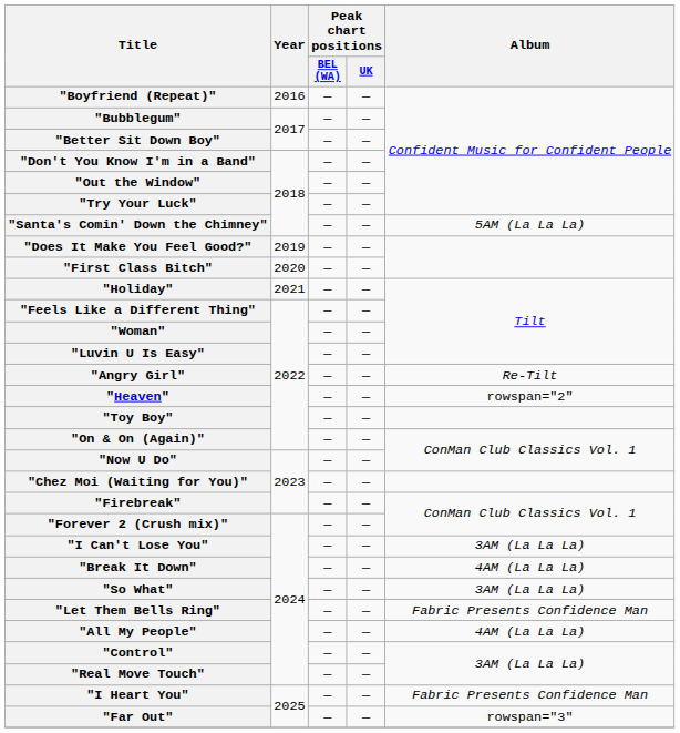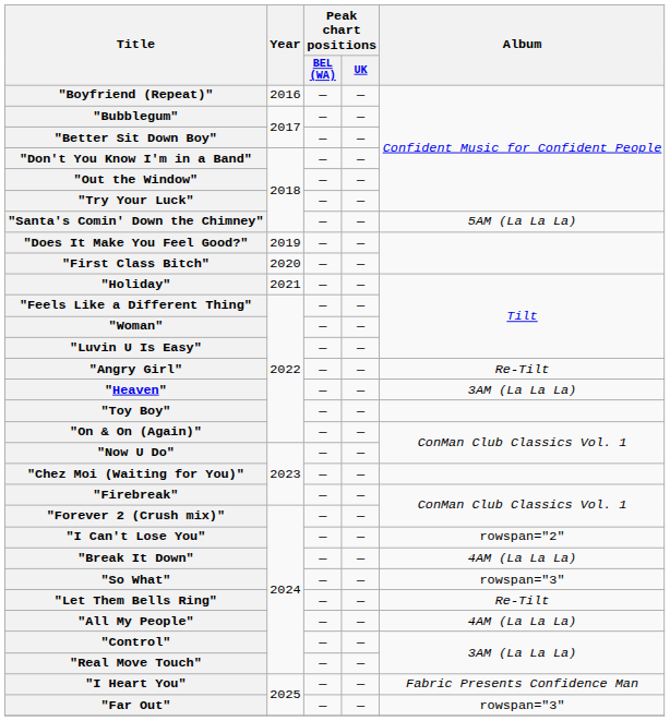 <table class="wikitable plainrowheaders" style="text-align:center;">
 <tr>
 <th scope="col" rowspan="2">Title</th>
 <th scope="col" rowspan="2">Year</th>
 <th scope="col" colspan="2">Peak chart positions</th>
 <th scope="col" rowspan="2">Album</th>
 </tr>
 <tr>
 <th scope="col" style="width:2.5em;font-size:85%;"><a href='#'>BEL<br>(WA)</a><br></th>
 <th scope="col" style="width:2.5em;font-size:85%;"><a href='#'>UK</a><br></th>
 </tr>
 <tr>
 <th scope="row">"Boyfriend (Repeat)"</th>
 <td>2016</td>
 <td>—</td>
 <td>—</td>
 <td rowspan="6"><em><a href='#'>Confident Music for Confident People</a></em></td>
 </tr>
 <tr>
 <th scope="row">"Bubblegum"</th>
 <td rowspan="2">2017</td>
 <td>—</td>
 <td>—</td>
 </tr>
 <tr>
 <th scope="row">"Better Sit Down Boy"</th>
 <td>—</td>
 <td>—</td>
 </tr>
 <tr>
 <th scope="row">"Don't You Know I'm in a Band"</th>
 <td rowspan="4">2018</td>
 <td>—</td>
 <td>—</td>
 </tr>
 <tr>
 <th scope="row">"Out the Window"</th>
 <td>—</td>
 <td>—</td>
 </tr>
 <tr>
 <th scope="row">"Try Your Luck"</th>
 <td>—</td>
 <td>—</td>
 </tr>
 <tr>
 <th scope="row">"Santa's Comin' Down the Chimney"</th>
 <td>—</td>
 <td>—</td>
 <td><em>5AM (La La La)</em></td>
 </tr>
 <tr>
 <th scope="row">"Does It Make You Feel Good?"</th>
 <td>2019</td>
 <td>—</td>
 <td>—</td>
 </tr>
 <tr>
 <th scope="row">"First Class Bitch"</th>
 <td>2020</td>
 <td>—</td>
 <td>—</td>
 </tr>
 <tr>
 <th scope="row">"Holiday"</th>
 <td>2021</td>
 <td>—</td>
 <td>—</td>
 <td rowspan="4"><em><a href='#'>Tilt</a></em></td>
 </tr>
 <tr>
 <th scope="row">"Feels Like a Different Thing"</th>
 <td rowspan="7">2022</td>
 <td>—</td>
 <td>—</td>
 </tr>
 <tr>
 <th scope="row">"Woman"</th>
 <td>—</td>
 <td>—</td>
 </tr>
 <tr>
 <th scope="row">"Luvin U Is Easy"</th>
 <td>—</td>
 <td>—</td>
 </tr>
 <tr>
 <th scope="row">"Angry Girl"<br></th>
 <td>—</td>
 <td>—</td>
 <td><em>Re-Tilt</em></td>
 </tr>
 <tr>
 <th scope="row">"<a href='#'>Heaven</a>"<br></th>
 <td>—</td>
 <td>—</td>
-<td>rowspan="2" </td>
+<td><em>3AM (La La La)</em></td>
 </tr>
 <tr>
 <th scope="row">"Toy Boy"<br></th>
 <td>—</td>
 <td>—</td>
 </tr>
 <tr>
 <th scope="row">"On & On (Again)"<br></th>
 <td>—</td>
 <td>—</td>
 <td rowspan="2"><em>ConMan Club Classics Vol. 1</em></td>
 </tr>
 <tr>
 <th scope="row">"Now U Do"<br></th>
 <td rowspan="3">2023</td>
 <td>—</td>
 <td>—</td>
 </tr>
 <tr>
 <th scope="row">"Chez Moi (Waiting for You)"<br></th>
 <td>—</td>
 <td>—</td>
 <td></td>
 </tr>
 <tr>
 <th scope="row">"Firebreak"</th>
 <td>—</td>
 <td>—</td>
 <td rowspan="2"><em>ConMan Club Classics Vol. 1</em></td>
 </tr>
 <tr>
 <th scope="row">"Forever 2 (Crush mix)"<br></th>
 <td rowspan="8">2024</td>
 <td>—</td>
 <td>—</td>
 </tr>
 <tr>
 <th scope="row">"I Can't Lose You"</th>
 <td>—</td>
 <td>—</td>
-<td><em>3AM (La La La)</em></td>
+<td>rowspan="2" </td>
 </tr>
 <tr>
 <th scope="row">"Break It Down"<br></th>
 <td>—</td>
 <td>—</td>
 <td><em>4AM (La La La)</em></td>
 </tr>
 <tr>
 <th scope="row">"So What"</th>
 <td>—</td>
 <td>—</td>
-<td><em>3AM (La La La)</em></td>
+<td>rowspan="3" </td>
 </tr>
 <tr>
 <th scope="row">"Let Them Bells Ring"</th>
 <td>—</td>
 <td>—</td>
-<td><em>Fabric Presents Confidence Man</em></td>
+<td><em>Re-Tilt</em></td>
 </tr>
 <tr>
 <th scope="row">"All My People"<br></th>
 <td>—</td>
 <td>—</td>
 <td><em>4AM (La La La)</em></td>
 </tr>
 <tr>
 <th scope="row">"Control"</th>
 <td>—</td>
 <td>—</td>
 <td rowspan="2"><em>3AM (La La La)</em></td>
 </tr>
 <tr>
 <th scope="row">"Real Move Touch"</th>
 <td>—</td>
 <td>—</td>
 </tr>
 <tr>
 <th scope="row">"I Heart You"<br></th>
 <td rowspan="2">2025</td>
 <td>—</td>
 <td>—</td>
 <td><em>Fabric Presents Confidence Man</em></td>
 </tr>
 <tr>
 <th scope="row">"Far Out"<br></th>
 <td>—</td>
 <td>—</td>
 <td>rowspan="3" </td>
 </tr>
 <tr>
 </tr>
 </table>
